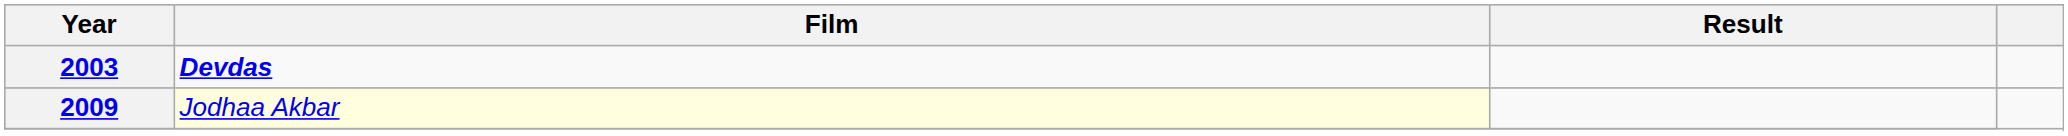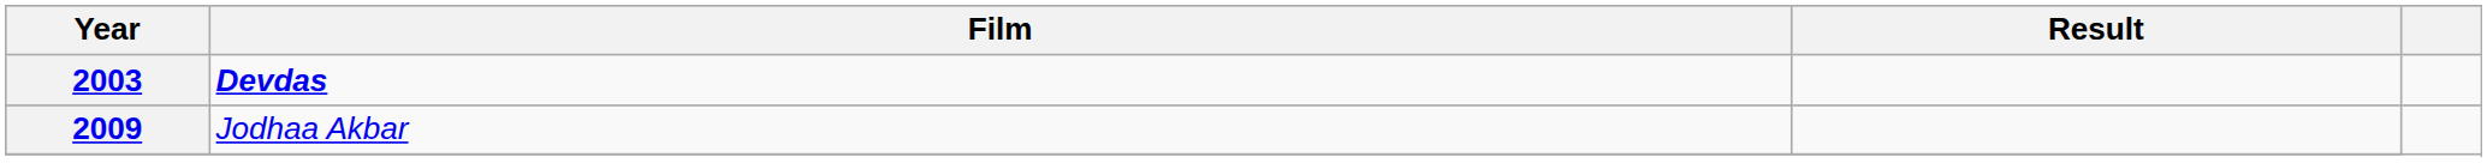 <table class="wikitable plainrowheaders" width="100%" "textcolor:#000;">
 <tr>
 <th scope="col" width=5%><strong>Year</strong></th>
 <th scope="col" width=39%><strong>Film</strong></th>
 <th scope="col" width=15%><strong>Result</strong></th>
 <th scope="col" width=2%><strong></strong></th>
 </tr>
 <tr>
 <th scope="row"><a href='#'>2003</a></th>
 <td><strong><em><a href='#'>Devdas</a></em></strong></td>
 <td></td>
 <td style="text-align:center;"></td>
 </tr>
 <tr>
 <th scope="row"><a href='#'>2009</a></th>
-<td style="background: lightyellow;"><em><a href='#'>Jodhaa Akbar</a></em></td>
+<td><em><a href='#'>Jodhaa Akbar</a></em></td>
 <td></td>
 <td style="text-align:center;" rowspan="2"></td>
 </tr>
 <tr>
 </tr>
 </table>
